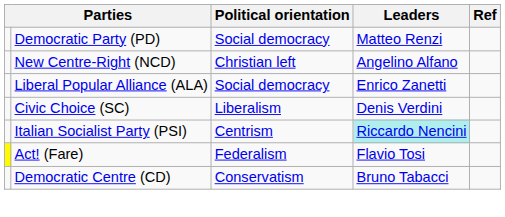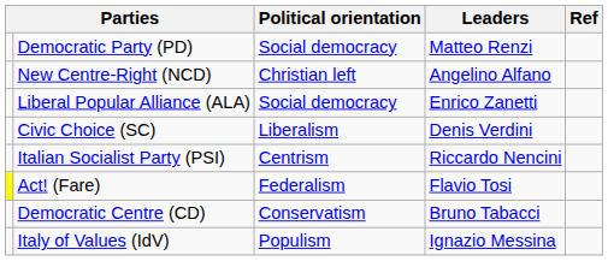 <table class="wikitable">
 <tr>
 <th colspan=2>Parties</th>
 <th>Political orientation</th>
 <th>Leaders</th>
 <th>Ref</th>
 </tr>
 <tr>
 <td style="background-color: "></td>
 <td><a href='#'>Democratic Party</a> (PD)</td>
 <td><a href='#'>Social democracy</a></td>
 <td><a href='#'>Matteo Renzi</a></td>
 <td></td>
 </tr>
 <tr>
 <td style="background-color: "></td>
 <td><a href='#'>New Centre-Right</a> (NCD)</td>
 <td><a href='#'>Christian left</a></td>
 <td><a href='#'>Angelino Alfano</a></td>
 <td></td>
 </tr>
 <tr>
 <td style="background-color: "></td>
 <td><a href='#'>Liberal Popular Alliance</a> (ALA)</td>
 <td><a href='#'>Social democracy</a></td>
 <td><a href='#'>Enrico Zanetti</a></td>
 <td></td>
 </tr>
 <tr>
 <td style="background-color: "></td>
 <td><a href='#'>Civic Choice</a> (SC)</td>
 <td><a href='#'>Liberalism</a></td>
 <td><a href='#'>Denis Verdini</a></td>
 <td></td>
 </tr>
 <tr>
 <td style="background-color: "></td>
 <td><a href='#'>Italian Socialist Party</a> (PSI)</td>
 <td><a href='#'>Centrism</a></td>
-<td style="background: paleturquoise;"><a href='#'>Riccardo Nencini</a></td>
+<td><a href='#'>Riccardo Nencini</a></td>
 <td></td>
 </tr>
 <tr>
 <td style="background-color: #FFFA00"></td>
 <td><a href='#'>Act!</a> (Fare)</td>
 <td><a href='#'>Federalism</a></td>
 <td><a href='#'>Flavio Tosi</a></td>
 <td></td>
 </tr>
 <tr>
 <td style="background-color: "></td>
 <td><a href='#'>Democratic Centre</a> (CD)</td>
 <td><a href='#'>Conservatism</a></td>
 <td><a href='#'>Bruno Tabacci</a></td>
 <td></td>
 </tr>
+<tr>
+<td style="background-color: "></td>
+<td><a href='#'>Italy of Values</a> (IdV)</td>
+<td><a href='#'>Populism</a></td>
+<td><a href='#'>Ignazio Messina</a></td>
+<td></td>
+</tr>
 </table>
